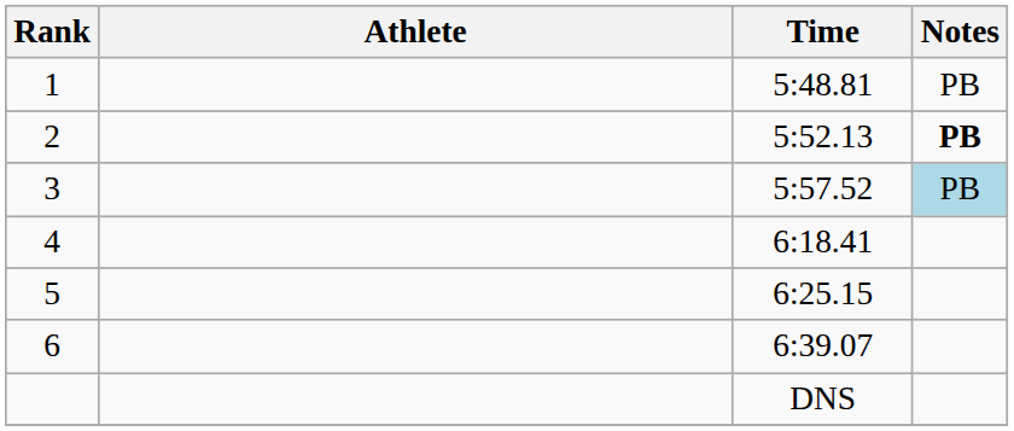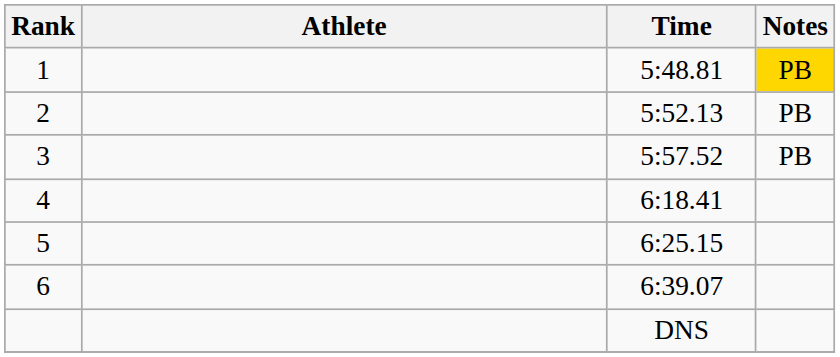 <table class="wikitable" style="text-align:center">
 <tr>
 <th>Rank</th>
 <th width=300>Athlete</th>
 <th width=80>Time</th>
 <th>Notes</th>
 </tr>
 <tr>
 <td>1</td>
 <td align=left></td>
 <td>5:48.81</td>
-<td>PB</td>
+<td style="background: gold;">PB</td>
 </tr>
 <tr>
 <td>2</td>
 <td align=left></td>
 <td>5:52.13</td>
-<td><strong>PB</strong></td>
+<td>PB</td>
 </tr>
 <tr>
 <td>3</td>
 <td align=left></td>
 <td>5:57.52</td>
-<td style="background: lightblue;">PB</td>
+<td>PB</td>
 </tr>
 <tr>
 <td>4</td>
 <td align=left></td>
 <td>6:18.41</td>
 <td></td>
 </tr>
 <tr>
 <td>5</td>
 <td align=left></td>
 <td>6:25.15</td>
 <td></td>
 </tr>
 <tr>
 <td>6</td>
 <td align=left></td>
 <td>6:39.07</td>
 <td></td>
 </tr>
 <tr>
 <td></td>
 <td align=left></td>
 <td>DNS</td>
 <td></td>
 </tr>
 <tr>
 </tr>
 </table>
